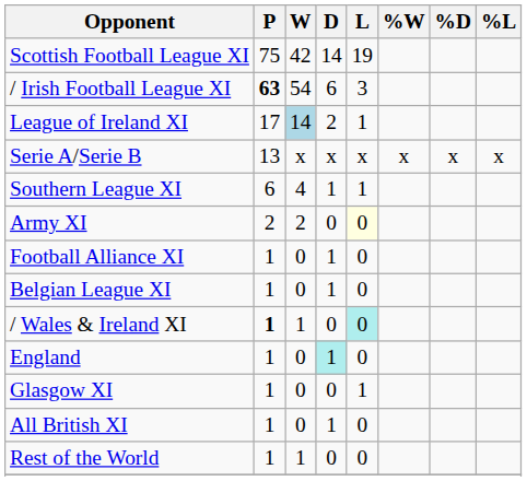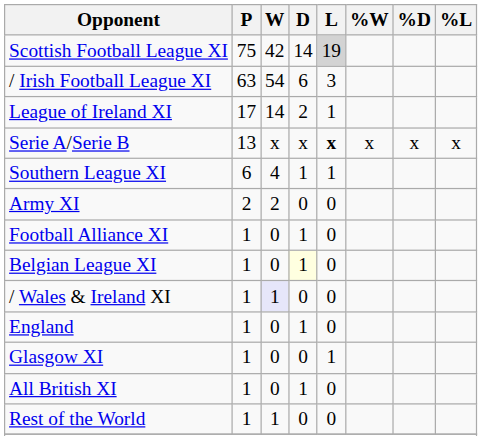 <table class="wikitable sortable" style="text-align:center">
 <tr>
 <th>Opponent</th>
 <th>P</th>
 <th>W</th>
 <th>D</th>
 <th>L</th>
 <th>%W</th>
 <th>%D</th>
 <th>%L</th>
 </tr>
 <tr>
 <td style="text-align:left;"> <a href='#'>Scottish Football League XI</a></td>
 <td>75</td>
 <td>42</td>
 <td>14</td>
-<td>19</td>
+<td style="background: lightgrey;">19</td>
 <td></td>
 <td></td>
 <td></td>
 </tr>
 <tr>
 <td style="text-align:left;">/ <a href='#'>Irish Football League XI</a></td>
-<td><strong>63</strong></td>
+<td>63</td>
 <td>54</td>
 <td>6</td>
 <td>3</td>
 <td></td>
 <td></td>
 <td></td>
 </tr>
 <tr>
 <td style="text-align:left;"> <a href='#'>League of Ireland XI</a></td>
 <td>17</td>
-<td style="background: lightblue;">14</td>
+<td>14</td>
 <td>2</td>
 <td>1</td>
 <td></td>
 <td></td>
 <td></td>
 </tr>
 <tr>
 <td style="text-align:left;"> <a href='#'>Serie A</a>/<a href='#'>Serie B</a></td>
 <td>13</td>
 <td>x</td>
 <td>x</td>
-<td>x</td>
+<td><strong>x</strong></td>
 <td>x</td>
 <td>x</td>
 <td>x</td>
 </tr>
 <tr>
 <td style="text-align:left;"> <a href='#'>Southern League XI</a></td>
 <td>6</td>
 <td>4</td>
 <td>1</td>
 <td>1</td>
 <td></td>
 <td></td>
 <td></td>
 </tr>
 <tr>
 <td style="text-align:left;"> <a href='#'>Army XI</a></td>
 <td>2</td>
 <td>2</td>
 <td>0</td>
-<td style="background: lightyellow;">0</td>
+<td>0</td>
 <td></td>
 <td></td>
 <td></td>
 </tr>
 <tr>
 <td style="text-align:left;"> <a href='#'>Football Alliance XI</a></td>
 <td>1</td>
 <td>0</td>
 <td>1</td>
 <td>0</td>
 <td></td>
 <td></td>
 <td></td>
 </tr>
 <tr>
 <td style="text-align:left;"> <a href='#'>Belgian League XI</a></td>
 <td>1</td>
 <td>0</td>
-<td>1</td>
+<td style="background: lightyellow;">1</td>
 <td>0</td>
 <td></td>
 <td></td>
 <td></td>
 </tr>
 <tr>
 <td style="text-align:left;">/ <a href='#'>Wales</a> & <a href='#'>Ireland</a> XI</td>
-<td><strong>1</strong></td>
 <td>1</td>
+<td style="background: lavender;">1</td>
 <td>0</td>
-<td style="background: paleturquoise;">0</td>
+<td>0</td>
 <td></td>
 <td></td>
 <td></td>
 </tr>
 <tr>
 <td style="text-align:left;"> <a href='#'>England</a></td>
 <td>1</td>
 <td>0</td>
-<td style="background: paleturquoise;">1</td>
+<td>1</td>
 <td>0</td>
 <td></td>
 <td></td>
 <td></td>
 </tr>
 <tr>
 <td style="text-align:left;"> <a href='#'>Glasgow XI</a></td>
 <td>1</td>
 <td>0</td>
 <td>0</td>
 <td>1</td>
 <td></td>
 <td></td>
 <td></td>
 </tr>
 <tr>
 <td style="text-align:left;"> <a href='#'>All British XI</a></td>
 <td>1</td>
 <td>0</td>
 <td>1</td>
 <td>0</td>
 <td></td>
 <td></td>
 <td></td>
 </tr>
 <tr>
 <td style="text-align:left;"><a href='#'>Rest of the World</a></td>
 <td>1</td>
 <td>1</td>
 <td>0</td>
 <td>0</td>
 <td></td>
 <td></td>
 <td></td>
 </tr>
 <tr>
 </tr>
 <tr class="sortbottom">
 </tr>
 </table>
